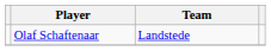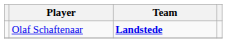 <table class="wikitable">
 <tr>
 <th></th>
 <th width=150>Player</th>
 <th width=150>Team</th>
 <th></th>
 </tr>
 <tr>
 <td></td>
 <td> <a href='#'>Olaf Schaftenaar</a></td>
-<td><a href='#'> Landstede</a></td>
+<td><strong><a href='#'> Landstede</a></strong></td>
 <td></td>
 </tr>
 <tr>
 </tr>
 </table>
